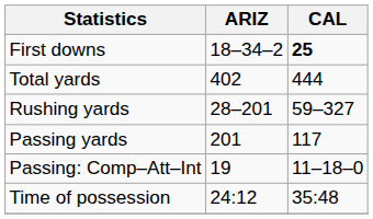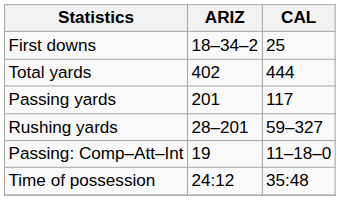 <table class="wikitable" style="float: left;">
 <tr>
 <th>Statistics</th>
 <th>ARIZ</th>
 <th>CAL</th>
 </tr>
 <tr>
 <td>First downs</td>
 <td>18–34–2</td>
-<td><strong>25</strong></td>
+<td>25</td>
 </tr>
 <tr>
 <td>Total yards</td>
 <td>402</td>
 <td>444</td>
 </tr>
 <tr>
+<td>Passing yards</td>
+<td>201</td>
+<td>117</td>
+</tr>
+<tr>
 <td>Rushing yards</td>
 <td>28–201</td>
 <td>59–327</td>
-</tr>
-<tr>
-<td>Passing yards</td>
-<td>201</td>
-<td>117</td>
 </tr>
 <tr>
 <td>Passing: Comp–Att–Int</td>
 <td>19</td>
 <td>11–18–0</td>
 </tr>
 <tr>
 <td>Time of possession</td>
 <td>24:12</td>
 <td>35:48</td>
 </tr>
 <tr>
 </tr>
 </table>
